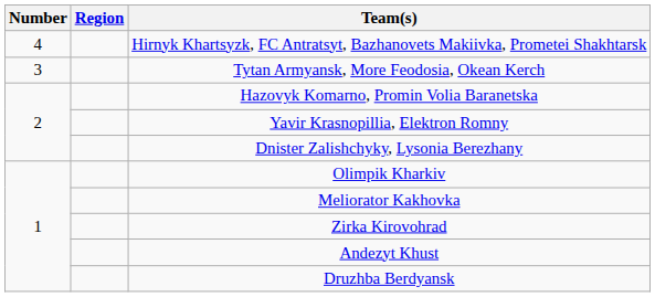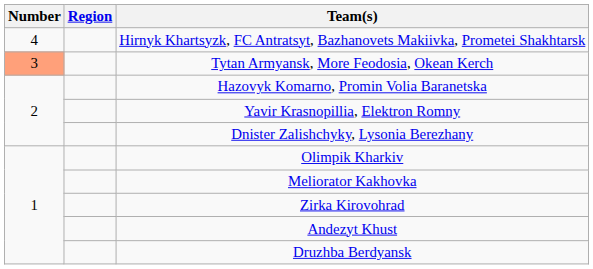 <table class="wikitable" style="text-align:center">
 <tr>
 <th>Number</th>
 <th><a href='#'>Region</a></th>
 <th>Team(s)</th>
 </tr>
 <tr>
 <td rowspan="1">4</td>
 <td align="left"></td>
 <td><a href='#'>Hirnyk Khartsyzk</a>, <a href='#'>FC Antratsyt</a>, <a href='#'>Bazhanovets Makiivka</a>, <a href='#'>Prometei Shakhtarsk</a></td>
 </tr>
 <tr>
-<td rowspan="1">3</td>
+<td rowspan="1" style="background: lightsalmon;">3</td>
 <td align="left"></td>
 <td><a href='#'>Tytan Armyansk</a>, <a href='#'>More Feodosia</a>, <a href='#'>Okean Kerch</a></td>
 </tr>
 <tr>
 <td rowspan="3">2</td>
 <td align="left"></td>
 <td><a href='#'>Hazovyk Komarno</a>, <a href='#'>Promin Volia Baranetska</a></td>
 </tr>
 <tr>
 <td align="left"></td>
 <td><a href='#'>Yavir Krasnopillia</a>, <a href='#'>Elektron Romny</a></td>
 </tr>
 <tr>
 <td align="left"></td>
 <td><a href='#'>Dnister Zalishchyky</a>, <a href='#'>Lysonia Berezhany</a></td>
 </tr>
 <tr>
 <td rowspan="17">1</td>
 <td align="left"></td>
 <td><a href='#'>Olimpik Kharkiv</a></td>
 </tr>
 <tr>
 <td align="left"></td>
 <td><a href='#'>Meliorator Kakhovka</a></td>
 </tr>
 <tr>
 <td align="left"></td>
 <td><a href='#'>Zirka Kirovohrad</a></td>
 </tr>
 <tr>
 <td align="left"></td>
 <td><a href='#'>Andezyt Khust</a></td>
 </tr>
 <tr>
 <td align="left"></td>
 <td><a href='#'>Druzhba Berdyansk</a></td>
 </tr>
 </table>
